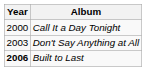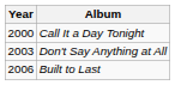 <table class="wikitable">
 <tr>
 <th>Year</th>
 <th>Album</th>
 </tr>
 <tr>
 <td>2000</td>
 <td><em>Call It a Day Tonight</em></td>
 </tr>
 <tr>
 <td>2003</td>
 <td><em>Don't Say Anything at All</em></td>
 </tr>
 <tr>
-<td><strong>2006</strong></td>
+<td>2006</td>
 <td><em>Built to Last</em></td>
 </tr>
 </table>
